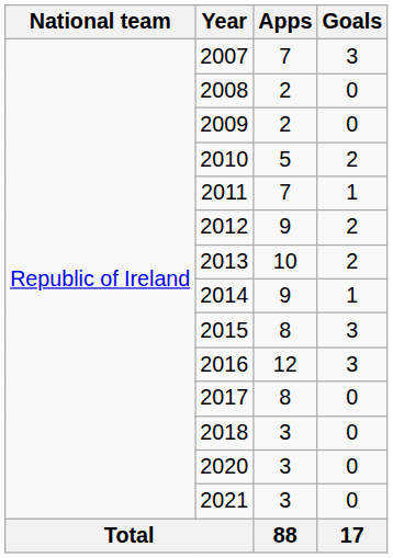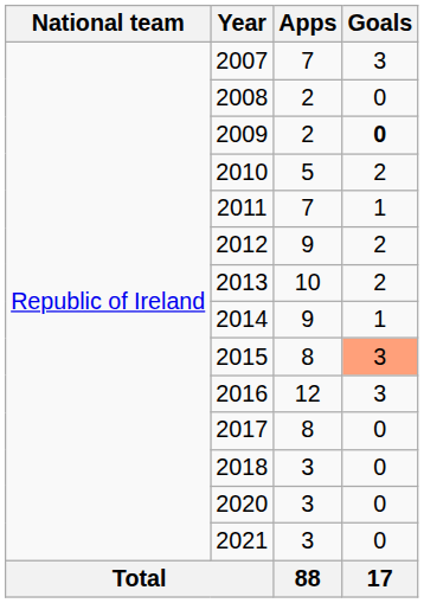 <table class="wikitable" style="text-align:center">
 <tr>
 <th>National team</th>
 <th>Year</th>
 <th>Apps</th>
 <th>Goals</th>
 </tr>
 <tr>
 <td rowspan="14"><a href='#'>Republic of Ireland</a></td>
 <td>2007</td>
 <td>7</td>
 <td>3</td>
 </tr>
 <tr>
 <td>2008</td>
 <td>2</td>
 <td>0</td>
 </tr>
 <tr>
 <td>2009</td>
 <td>2</td>
-<td>0</td>
+<td><strong>0</strong></td>
 </tr>
 <tr>
 <td>2010</td>
 <td>5</td>
 <td>2</td>
 </tr>
 <tr>
 <td>2011</td>
 <td>7</td>
 <td>1</td>
 </tr>
 <tr>
 <td>2012</td>
 <td>9</td>
 <td>2</td>
 </tr>
 <tr>
 <td>2013</td>
 <td>10</td>
 <td>2</td>
 </tr>
 <tr>
 <td>2014</td>
 <td>9</td>
 <td>1</td>
 </tr>
 <tr>
 <td>2015</td>
 <td>8</td>
-<td>3</td>
+<td style="background: lightsalmon;">3</td>
 </tr>
 <tr>
 <td>2016</td>
 <td>12</td>
 <td>3</td>
 </tr>
 <tr>
 <td>2017</td>
 <td>8</td>
 <td>0</td>
 </tr>
 <tr>
 <td>2018</td>
 <td>3</td>
 <td>0</td>
 </tr>
 <tr>
 <td>2020</td>
 <td>3</td>
 <td>0</td>
 </tr>
 <tr>
 <td>2021</td>
 <td>3</td>
 <td>0</td>
 </tr>
 <tr>
 <th colspan="2">Total</th>
 <th>88</th>
 <th>17</th>
 </tr>
 </table>
